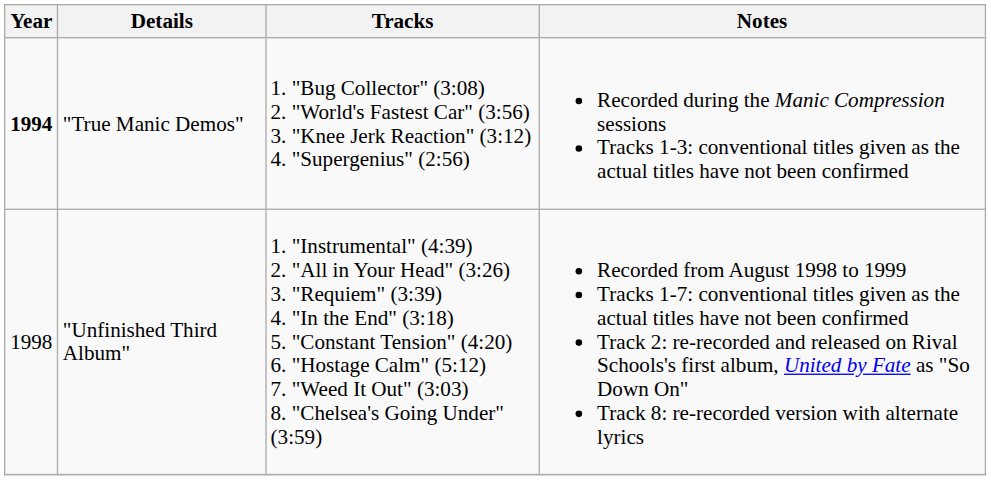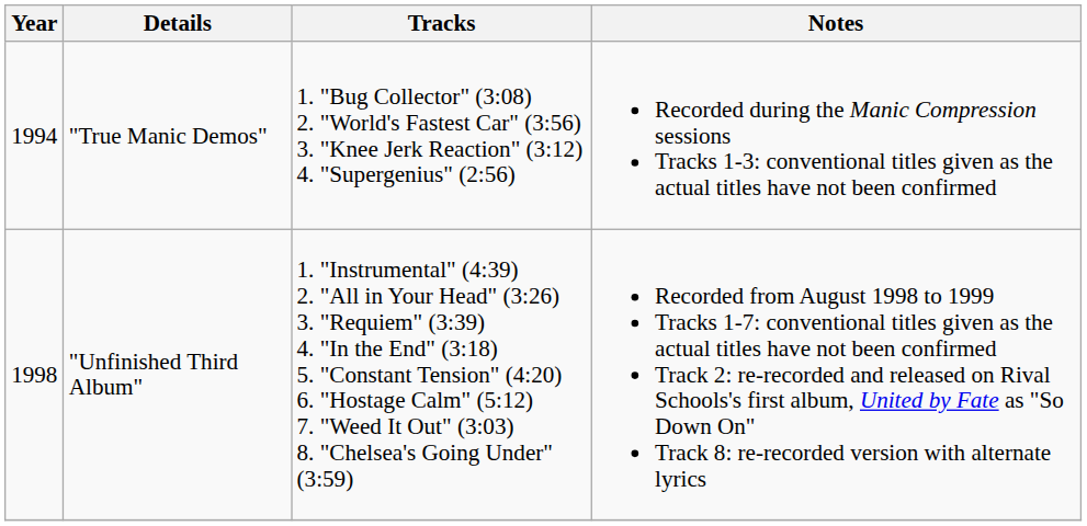 <table class="wikitable">
 <tr>
 <th width="33">Year</th>
 <th width="150">Details</th>
 <th width="200">Tracks</th>
 <th width="330">Notes</th>
 </tr>
 <tr>
-<td align="center"><strong>1994</strong></td>
+<td align="center">1994</td>
 <td>"True Manic Demos"</td>
 <td>1. "Bug Collector" (3:08)<br>2. "World's Fastest Car" (3:56)<br>3. "Knee Jerk Reaction" (3:12)<br>4. "Supergenius" (2:56)</td>
 <td><br><ul><li>Recorded during the <em>Manic Compression</em> sessions</li><li>Tracks 1-3: conventional titles given as the actual titles have not been confirmed</li></ul></td>
 </tr>
 <tr>
 <td align="center">1998</td>
 <td>"Unfinished Third Album"</td>
 <td>1. "Instrumental" (4:39)<br>2. "All in Your Head" (3:26)<br>3. "Requiem" (3:39)<br>4. "In the End" (3:18)<br>5. "Constant Tension" (4:20)<br>6. "Hostage Calm" (5:12)<br>7. "Weed It Out" (3:03)<br>8. "Chelsea's Going Under" (3:59)</td>
 <td><br><ul><li>Recorded from August 1998 to 1999</li><li>Tracks 1-7: conventional titles given as the actual titles have not been confirmed</li><li>Track 2: re-recorded and released on Rival Schools's first album, <em><a href='#'>United by Fate</a></em> as "So Down On"</li><li>Track 8: re-recorded version with alternate lyrics</li></ul></td>
 </tr>
 <tr>
 </tr>
 </table>
